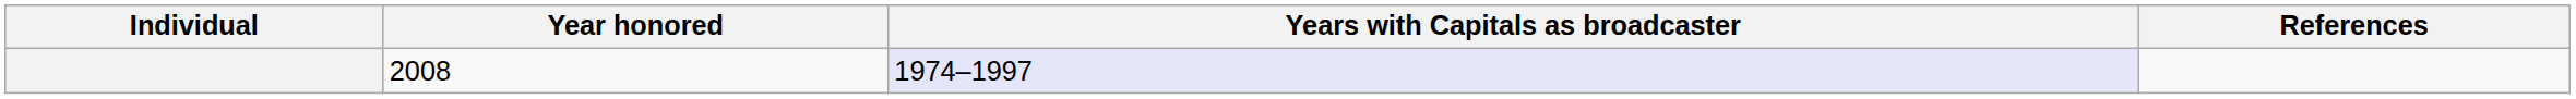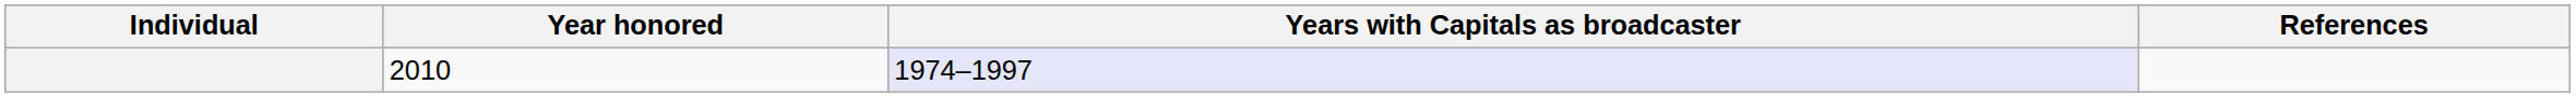 <table class="wikitable sortable" width="75%">
 <tr>
 <th scope="col">Individual</th>
 <th scope="col">Year honored</th>
 <th scope="col">Years with Capitals as broadcaster</th>
 <th scope="col" class="unsortable">References</th>
 </tr>
 <tr>
 <th scope="row"></th>
-<td>2008</td>
+<td>2010</td>
 <td style="background: lavender;">1974–1997</td>
 <td></td>
 </tr>
 </table>
